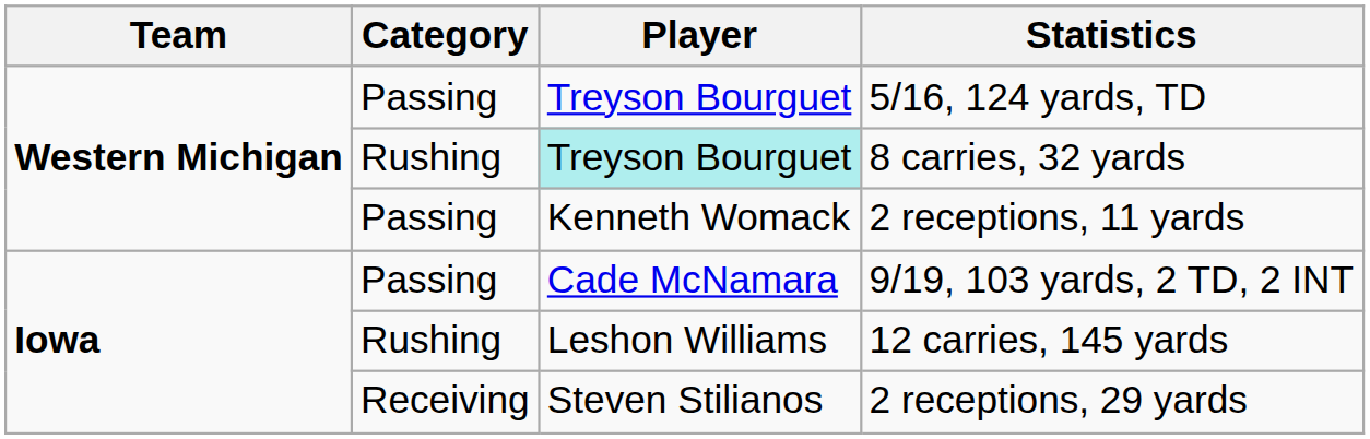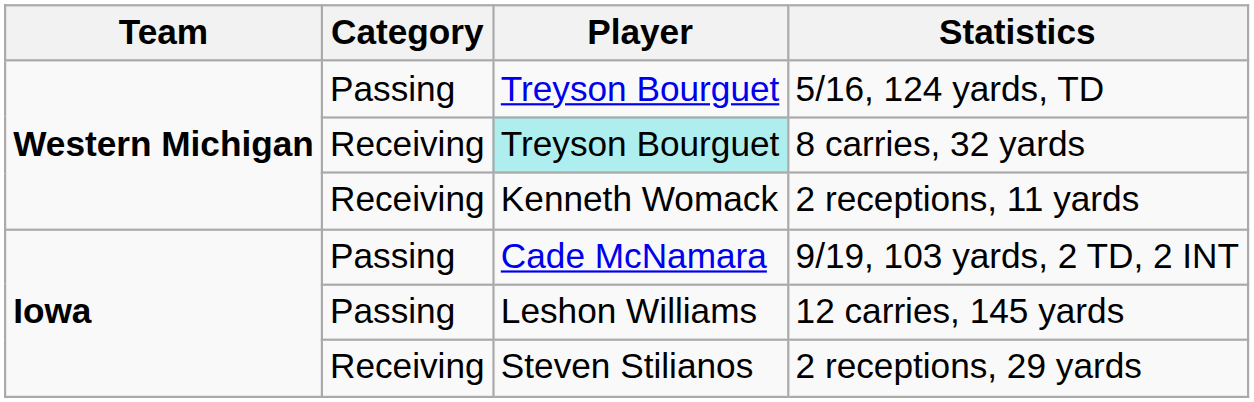 <table class="wikitable" style="float: left;">
 <tr>
 <th>Team</th>
 <th>Category</th>
 <th>Player</th>
 <th>Statistics</th>
 </tr>
 <tr>
 <td rowspan=3><strong>Western Michigan</strong></td>
 <td>Passing</td>
 <td><a href='#'>Treyson Bourguet</a></td>
 <td>5/16, 124 yards, TD</td>
 </tr>
 <tr>
-<td>Rushing</td>
+<td>Receiving</td>
 <td style="background: paleturquoise;">Treyson Bourguet</td>
 <td>8 carries, 32 yards</td>
 </tr>
 <tr>
-<td>Passing</td>
+<td>Receiving</td>
 <td>Kenneth Womack</td>
 <td>2 receptions, 11 yards</td>
 </tr>
 <tr>
 <td rowspan=3><strong>Iowa</strong></td>
 <td>Passing</td>
 <td><a href='#'>Cade McNamara</a></td>
 <td>9/19, 103 yards, 2 TD, 2 INT</td>
 </tr>
 <tr>
-<td>Rushing</td>
+<td>Passing</td>
 <td>Leshon Williams</td>
 <td>12 carries, 145 yards</td>
 </tr>
 <tr>
 <td>Receiving</td>
 <td>Steven Stilianos</td>
 <td>2 receptions, 29 yards</td>
 </tr>
 </table>
